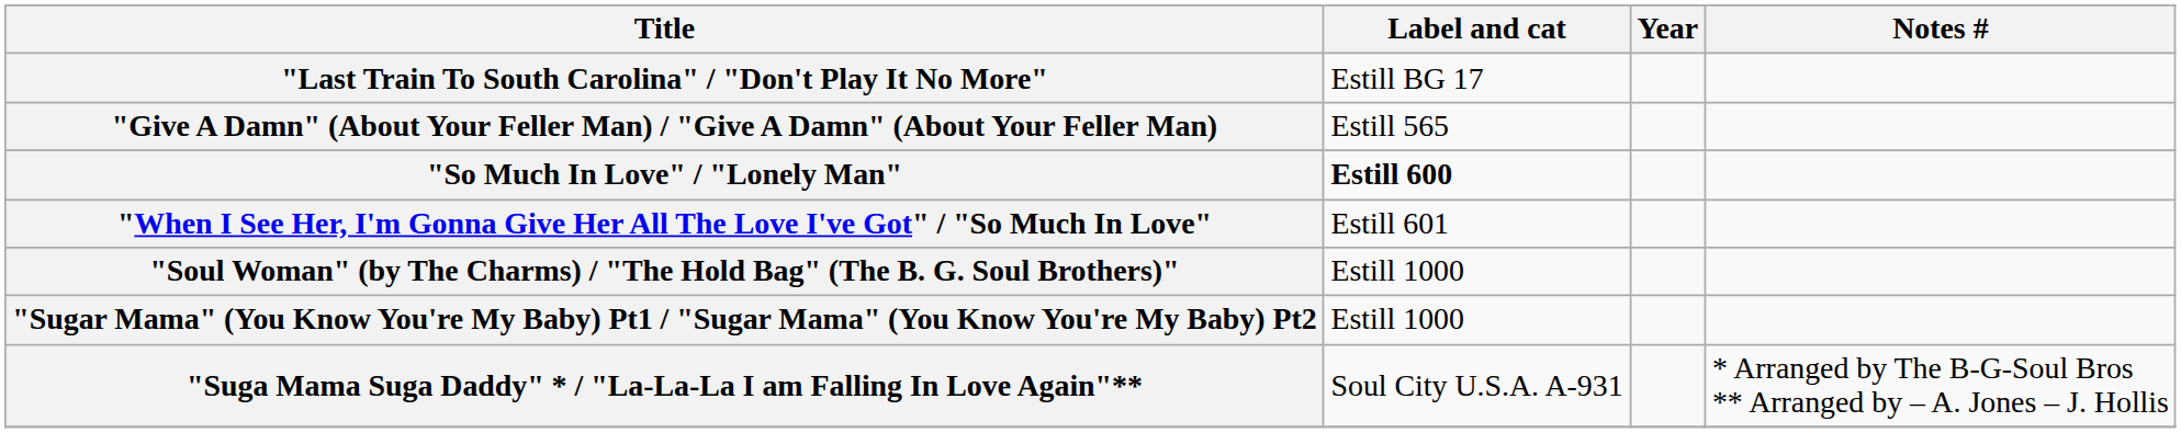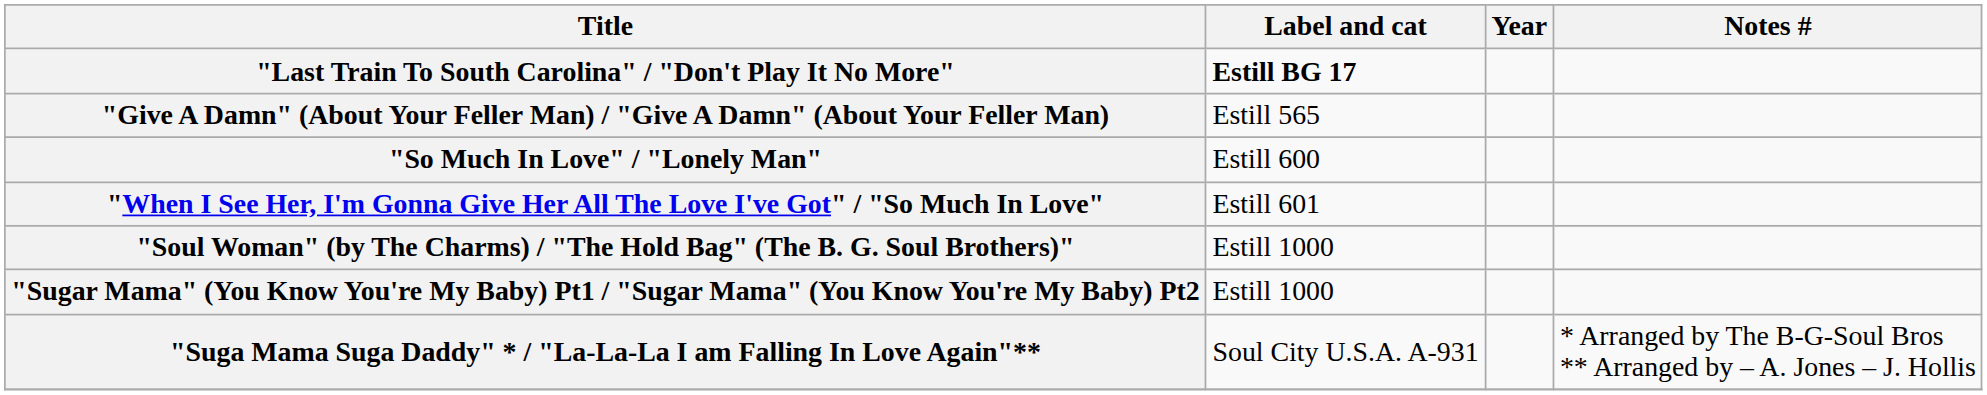 <table class="wikitable plainrowheaders sortable">
 <tr>
 <th scope="col">Title</th>
 <th scope="col">Label and cat</th>
 <th scope="col">Year</th>
 <th scope="col" class="unsortable">Notes #</th>
 </tr>
 <tr>
 <th scope="row">"Last Train To South Carolina" / "Don't Play It No More"</th>
-<td>Estill BG 17</td>
+<td><strong>Estill BG 17</strong></td>
 <td></td>
 <td></td>
 </tr>
 <tr>
 <th scope="row">"Give A Damn" (About Your Feller Man) / "Give A Damn" (About Your Feller Man)</th>
 <td>Estill 565</td>
 <td></td>
 <td></td>
 </tr>
 <tr>
 <th scope="row">"So Much In Love" / "Lonely Man"</th>
-<td><strong>Estill 600</strong></td>
+<td>Estill 600</td>
 <td></td>
 <td></td>
 </tr>
 <tr>
 <th scope="row">"<a href='#'>When I See Her, I'm Gonna Give Her All The Love I've Got</a>" / "So Much In Love"</th>
 <td>Estill 601</td>
 <td></td>
 <td></td>
 </tr>
 <tr>
 <th scope="row">"Soul Woman" (by The Charms) / "The Hold Bag" (The B. G. Soul Brothers)"</th>
 <td>Estill 1000</td>
 <td></td>
 <td></td>
 </tr>
 <tr>
 <th scope="row">"Sugar Mama" (You Know You're My Baby) Pt1 / "Sugar Mama" (You Know You're My Baby) Pt2</th>
 <td>Estill 1000</td>
 <td></td>
 <td></td>
 </tr>
 <tr>
 <th scope="row">"Suga Mama Suga Daddy" * / "La-La-La I am Falling In Love Again"**</th>
 <td>Soul City U.S.A. A-931</td>
 <td></td>
 <td>* Arranged by The B-G-Soul Bros<br> ** Arranged by – A. Jones – J. Hollis</td>
 </tr>
 <tr>
 </tr>
 </table>
